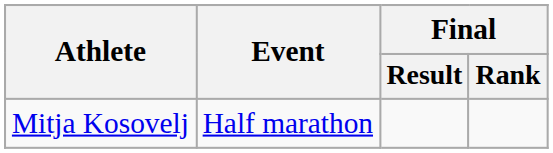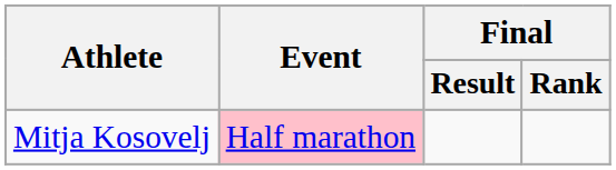 <table class="wikitable" style="font-size:90%">
 <tr>
 <th rowspan="2">Athlete</th>
 <th rowspan="2">Event</th>
 <th colspan="2">Final</th>
 </tr>
 <tr style="font-size:95%">
 <th>Result</th>
 <th>Rank</th>
 </tr>
 <tr align=center>
 <td align=left><a href='#'>Mitja Kosovelj</a></td>
-<td align=left><a href='#'>Half marathon</a></td>
+<td align=left style="background: pink;"><a href='#'>Half marathon</a></td>
 <td></td>
 <td></td>
 </tr>
 </table>
